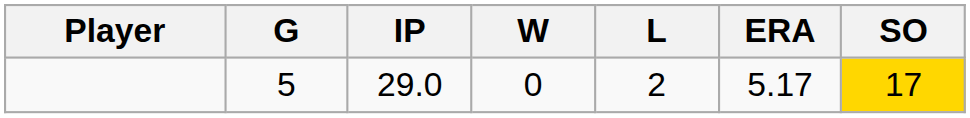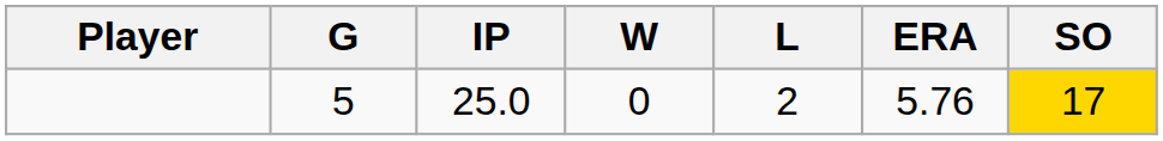 <table class="wikitable sortable">
 <tr>
 <th bgcolor="#DDDDFF" width="16%">Player</th>
 <th bgcolor="#DDDDFF" width="9%">G</th>
 <th bgcolor="#DDDDFF" width="9%">IP</th>
 <th bgcolor="#DDDDFF" width="9%">W</th>
 <th bgcolor="#DDDDFF" width="9%">L</th>
 <th bgcolor="#DDDDFF" width="9%">ERA</th>
 <th bgcolor="#DDDDFF" width="9%">SO</th>
 </tr>
 <tr align="center">
 <td></td>
 <td>5</td>
-<td>29.0</td>
+<td>25.0</td>
 <td>0</td>
 <td>2</td>
-<td>5.17</td>
+<td>5.76</td>
 <td style="background: gold;">17</td>
 </tr>
 </table>
